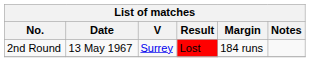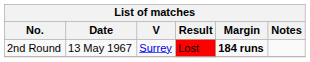 <table class="wikitable" width="70%">
 <tr>
 <th bgcolor="#efefef" colspan=6>List of matches</th>
 </tr>
 <tr bgcolor="#efefef">
 <th>No.</th>
 <th>Date</th>
 <th>V</th>
 <th>Result</th>
 <th>Margin</th>
 <th>Notes</th>
 </tr>
 <tr>
 <td>2nd Round</td>
 <td>13 May 1967</td>
 <td><a href='#'>Surrey</a> <br></td>
 <td bgcolor="#FF0000">Lost</td>
-<td>184 runs</td>
+<td><strong>184 runs</strong></td>
 <td></td>
 </tr>
 <tr>
 </tr>
 </table>
